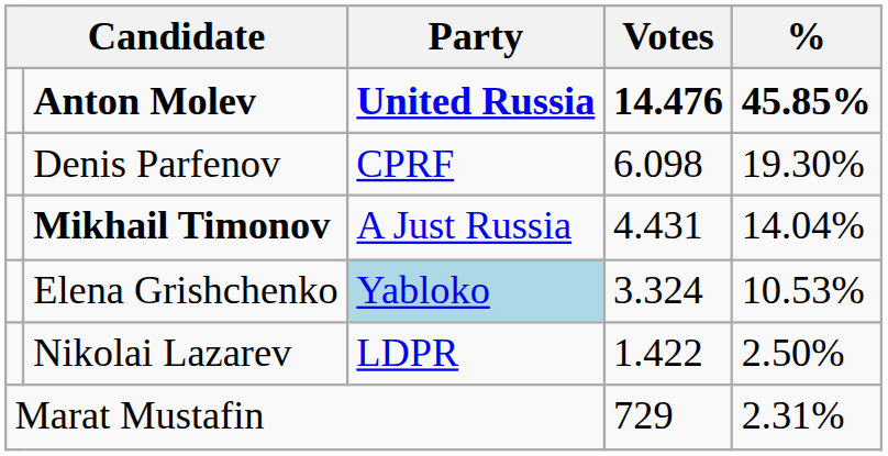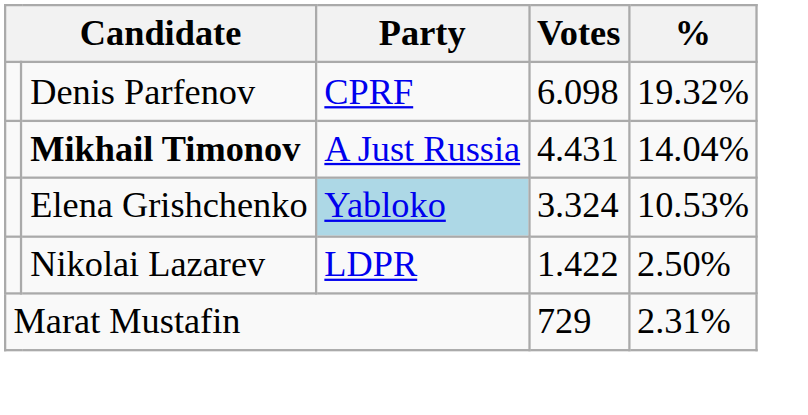 <table class="wikitable">
 <tr>
 <th colspan="2">Candidate</th>
 <th>Party</th>
 <th>Votes</th>
 <th>%</th>
 </tr>
 <tr>
 <td style="background-color: "></td>
-<td><strong>Anton Molev</strong></td>
-<td><strong><a href='#'>United Russia</a></strong></td>
-<td><strong>14.476</strong></td>
-<td><strong>45.85%</strong></td>
-</tr>
-<tr>
-<td style="background-color: "></td>
 <td>Denis Parfenov</td>
 <td><a href='#'>CPRF</a></td>
 <td>6.098</td>
-<td>19.30%</td>
+<td>19.32%</td>
 </tr>
 <tr>
 <td style="background-color: "></td>
 <td><strong>Mikhail Timonov</strong></td>
 <td><a href='#'>A Just Russia</a></td>
 <td>4.431</td>
 <td>14.04%</td>
 </tr>
 <tr>
 <td style="background-color: "></td>
 <td>Elena Grishchenko</td>
 <td style="background: lightblue;"><a href='#'>Yabloko</a></td>
 <td>3.324</td>
 <td>10.53%</td>
 </tr>
 <tr>
 <td style="background-color: "></td>
 <td>Nikolai Lazarev</td>
 <td><a href='#'>LDPR</a></td>
 <td>1.422</td>
 <td>2.50%</td>
 </tr>
 <tr>
 <td colspan="3">Marat Mustafin</td>
 <td>729</td>
 <td>2.31%</td>
 </tr>
 </table>
